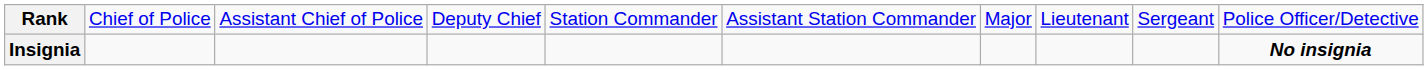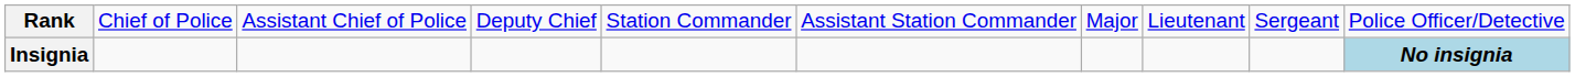 <table class="wikitable">
 <tr style="text-align:center;">
 <th>Rank</th>
 <td><a href='#'>Chief of Police</a></td>
 <td><a href='#'>Assistant Chief of Police</a></td>
 <td><a href='#'>Deputy Chief</a></td>
 <td><a href='#'>Station Commander</a></td>
 <td><a href='#'>Assistant Station Commander</a></td>
 <td><a href='#'>Major</a></td>
 <td><a href='#'>Lieutenant</a></td>
 <td><a href='#'>Sergeant</a></td>
 <td><a href='#'>Police Officer/Detective</a></td>
 </tr>
 <tr style="text-align:center;">
 <th>Insignia</th>
 <td></td>
 <td></td>
 <td></td>
 <td></td>
 <td></td>
 <td></td>
 <td></td>
 <td></td>
-<td><strong><em>No insignia</em></strong></td>
+<td style="background: lightblue;"><strong><em>No insignia</em></strong></td>
 </tr>
 </table>
